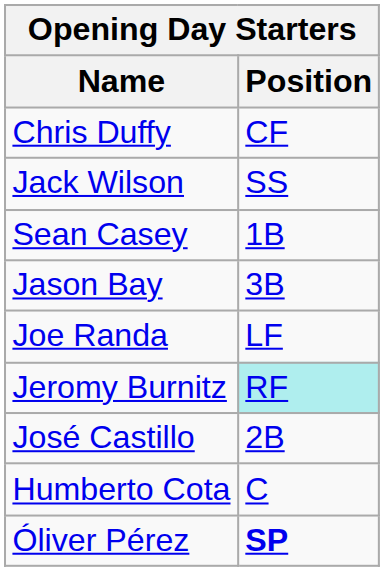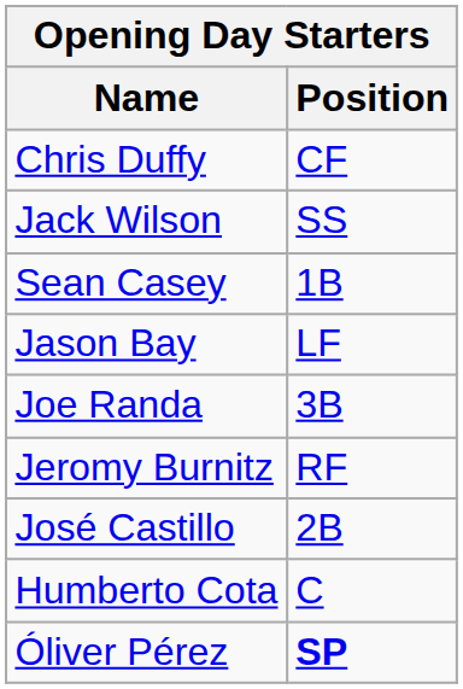 <table class="wikitable" style="text-align:left">
 <tr>
 <th colspan="2"><strong>Opening Day Starters</strong></th>
 </tr>
 <tr>
 <th><strong>Name</strong></th>
 <th><strong>Position</strong></th>
 </tr>
 <tr>
 <td><a href='#'>Chris Duffy</a></td>
 <td><a href='#'>CF</a></td>
 </tr>
 <tr>
 <td><a href='#'>Jack Wilson</a></td>
 <td><a href='#'>SS</a></td>
 </tr>
 <tr>
 <td><a href='#'>Sean Casey</a></td>
 <td><a href='#'>1B</a></td>
 </tr>
 <tr>
 <td><a href='#'>Jason Bay</a></td>
+<td><a href='#'>LF</a></td>
+</tr>
+<tr>
+<td><a href='#'>Joe Randa</a></td>
 <td><a href='#'>3B</a></td>
 </tr>
 <tr>
-<td><a href='#'>Joe Randa</a></td>
-<td><a href='#'>LF</a></td>
-</tr>
-<tr>
 <td><a href='#'>Jeromy Burnitz</a></td>
-<td style="background: paleturquoise;"><a href='#'>RF</a></td>
+<td><a href='#'>RF</a></td>
 </tr>
 <tr>
 <td><a href='#'>José Castillo</a></td>
 <td><a href='#'>2B</a></td>
 </tr>
 <tr>
 <td><a href='#'>Humberto Cota</a></td>
 <td><a href='#'>C</a></td>
 </tr>
 <tr>
 <td><a href='#'>Óliver Pérez</a></td>
 <td><strong><a href='#'>SP</a></strong></td>
 </tr>
 </table>
